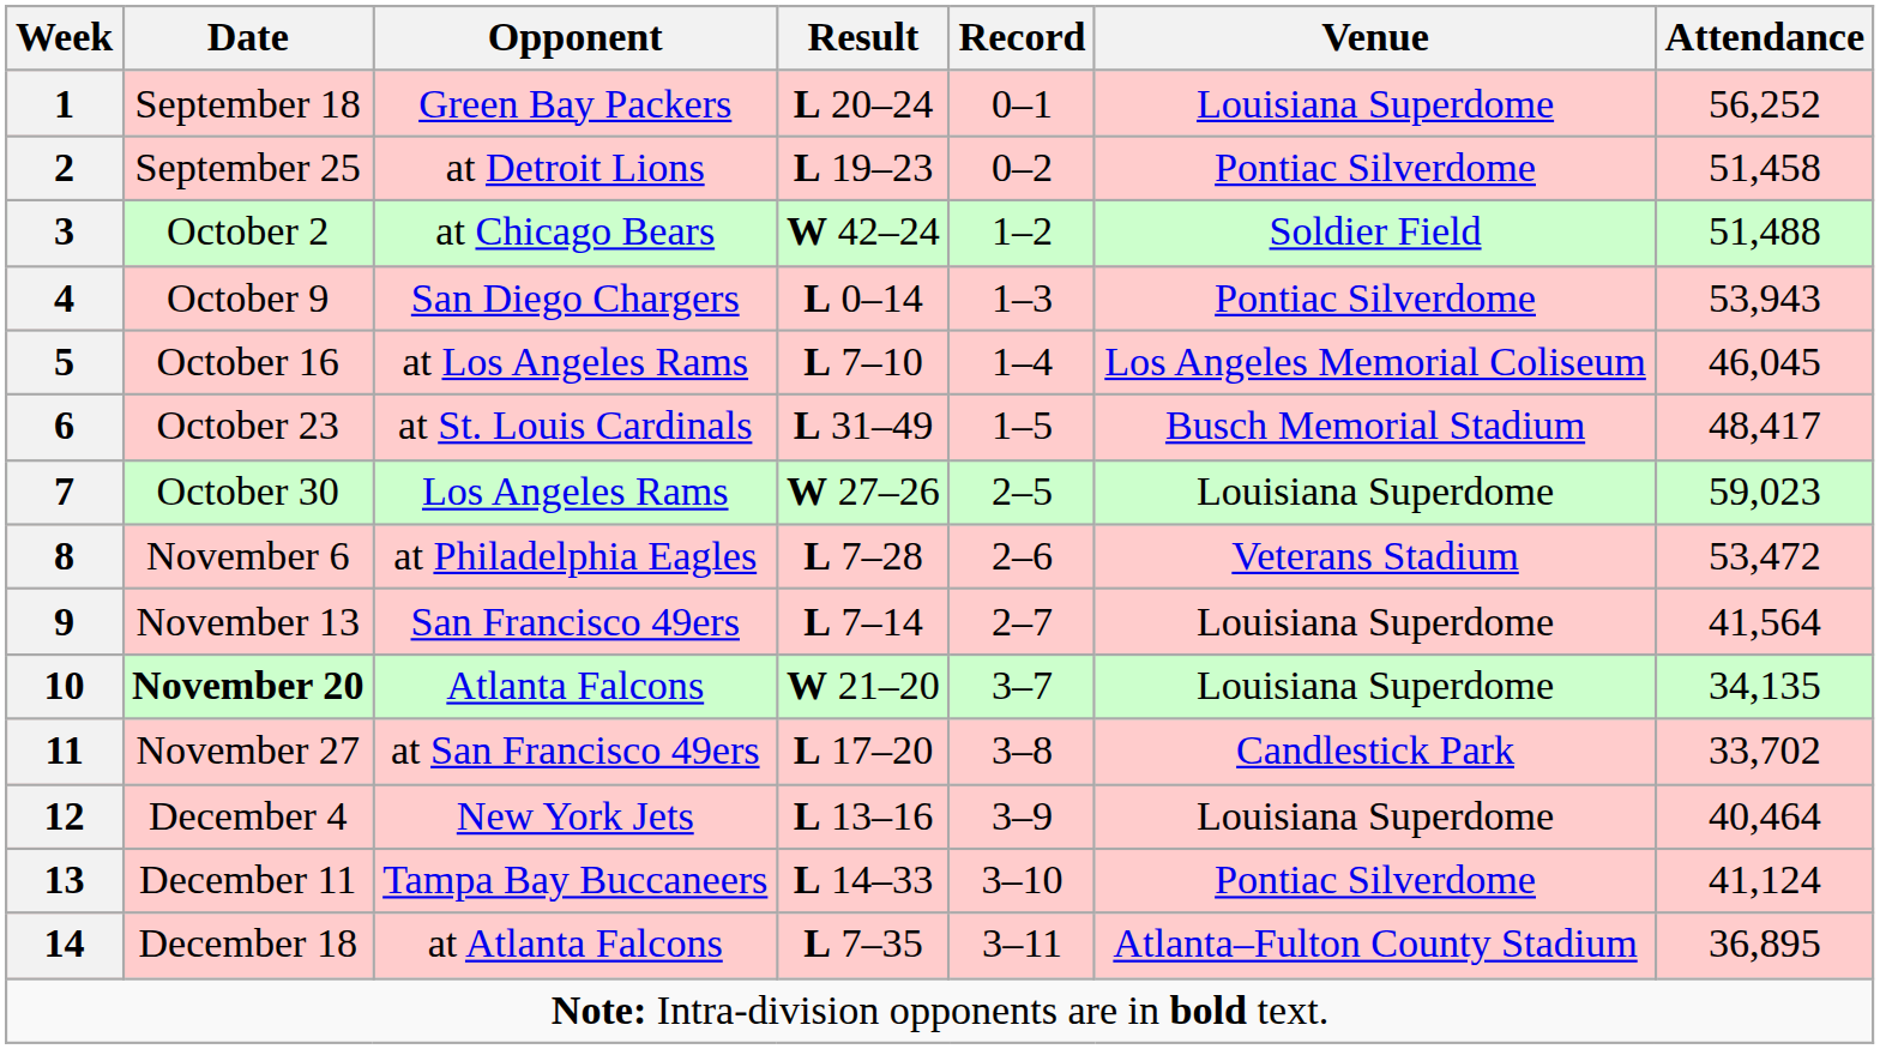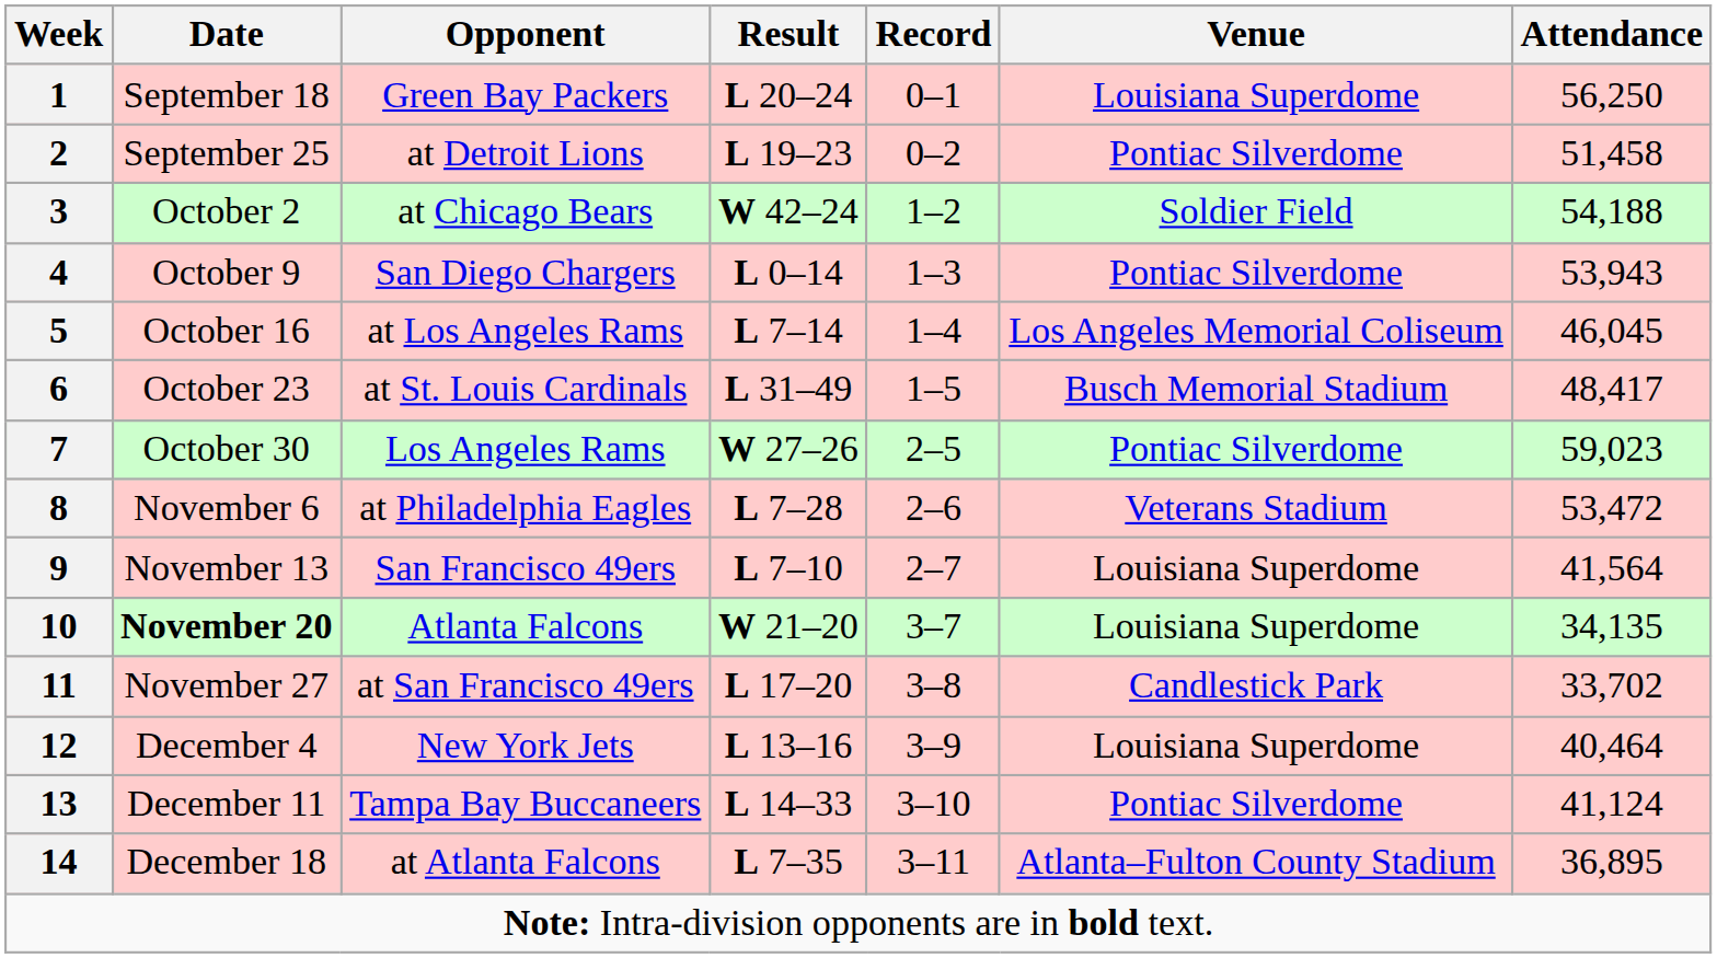 <table class="wikitable"  style="text-align: center;">
 <tr>
 <th>Week</th>
 <th>Date</th>
 <th>Opponent</th>
 <th>Result</th>
 <th>Record</th>
 <th>Venue</th>
 <th>Attendance</th>
 </tr>
 <tr style="background:#fcc">
 <th>1</th>
 <td>September 18</td>
 <td><a href='#'>Green Bay Packers</a></td>
 <td><strong>L</strong> 20–24</td>
 <td>0–1</td>
 <td><a href='#'>Louisiana Superdome</a></td>
-<td>56,252</td>
+<td>56,250</td>
 </tr>
 <tr style="background:#fcc">
 <th>2</th>
 <td>September 25</td>
 <td>at <a href='#'>Detroit Lions</a></td>
 <td><strong>L</strong> 19–23</td>
 <td>0–2</td>
 <td><a href='#'>Pontiac Silverdome</a></td>
 <td>51,458</td>
 </tr>
 <tr style="background:#cfc">
 <th>3</th>
 <td>October 2</td>
 <td>at <a href='#'>Chicago Bears</a></td>
 <td><strong>W</strong> 42–24</td>
 <td>1–2</td>
 <td><a href='#'>Soldier Field</a></td>
-<td>51,488</td>
+<td>54,188</td>
 </tr>
 <tr style="background:#fcc">
 <th>4</th>
 <td>October 9</td>
 <td><a href='#'>San Diego Chargers</a></td>
 <td><strong>L</strong> 0–14</td>
 <td>1–3</td>
 <td><a href='#'>Pontiac Silverdome</a></td>
 <td>53,943</td>
 </tr>
 <tr style="background:#fcc">
 <th>5</th>
 <td>October 16</td>
 <td>at <a href='#'>Los Angeles Rams</a></td>
-<td><strong>L</strong> 7–10</td>
+<td><strong>L</strong> 7–14</td>
 <td>1–4</td>
 <td><a href='#'>Los Angeles Memorial Coliseum</a></td>
 <td>46,045</td>
 </tr>
 <tr style="background:#fcc">
 <th>6</th>
 <td>October 23</td>
 <td>at <a href='#'>St. Louis Cardinals</a></td>
 <td><strong>L</strong> 31–49</td>
 <td>1–5</td>
 <td><a href='#'>Busch Memorial Stadium</a></td>
 <td>48,417</td>
 </tr>
 <tr style="background:#cfc">
 <th>7</th>
 <td>October 30</td>
 <td><a href='#'>Los Angeles Rams</a></td>
 <td><strong>W</strong> 27–26</td>
 <td>2–5</td>
-<td>Louisiana Superdome</td>
+<td><a href='#'>Pontiac Silverdome</a></td>
 <td>59,023</td>
 </tr>
 <tr style="background:#fcc">
 <th>8</th>
 <td>November 6</td>
 <td>at <a href='#'>Philadelphia Eagles</a></td>
 <td><strong>L</strong> 7–28</td>
 <td>2–6</td>
 <td><a href='#'>Veterans Stadium</a></td>
 <td>53,472</td>
 </tr>
 <tr style="background:#fcc">
 <th>9</th>
 <td>November 13</td>
 <td><a href='#'>San Francisco 49ers</a></td>
-<td><strong>L</strong> 7–14</td>
+<td><strong>L</strong> 7–10</td>
 <td>2–7</td>
 <td>Louisiana Superdome</td>
 <td>41,564</td>
 </tr>
 <tr style="background:#cfc">
 <th>10</th>
 <td><strong>November 20</strong></td>
 <td><a href='#'>Atlanta Falcons</a></td>
 <td><strong>W</strong> 21–20</td>
 <td>3–7</td>
 <td>Louisiana Superdome</td>
 <td>34,135</td>
 </tr>
 <tr style="background:#fcc">
 <th>11</th>
 <td>November 27</td>
 <td>at <a href='#'>San Francisco 49ers</a></td>
 <td><strong>L</strong> 17–20</td>
 <td>3–8</td>
 <td><a href='#'>Candlestick Park</a></td>
 <td>33,702</td>
 </tr>
 <tr style="background:#fcc">
 <th>12</th>
 <td>December 4</td>
 <td><a href='#'>New York Jets</a></td>
 <td><strong>L</strong> 13–16</td>
 <td>3–9</td>
 <td>Louisiana Superdome</td>
 <td>40,464</td>
 </tr>
 <tr style="background:#fcc">
 <th>13</th>
 <td>December 11</td>
 <td><a href='#'>Tampa Bay Buccaneers</a></td>
 <td><strong>L</strong> 14–33</td>
 <td>3–10</td>
 <td><a href='#'>Pontiac Silverdome</a></td>
 <td>41,124</td>
 </tr>
 <tr style="background:#fcc">
 <th>14</th>
 <td>December 18</td>
 <td>at <a href='#'>Atlanta Falcons</a></td>
 <td><strong>L</strong> 7–35</td>
 <td>3–11</td>
 <td><a href='#'>Atlanta–Fulton County Stadium</a></td>
 <td>36,895</td>
 </tr>
 <tr>
 <td colspan="8"><strong>Note:</strong> Intra-division opponents are in <strong>bold</strong> text.</td>
 </tr>
 </table>
